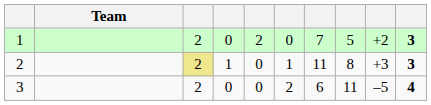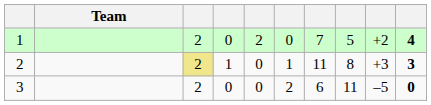 <table class="wikitable" style="text-align: center; font-size: 100%;">
 <tr>
 <th width="25"></th>
 <th width="150">Team</th>
 <th width="25"></th>
 <th width="25"></th>
 <th width="25"></th>
 <th width="25"></th>
 <th width="25"></th>
 <th width="25"></th>
 <th width="25"></th>
 <th width="25"></th>
 </tr>
 <tr style="background-color: #ccffcc;">
 <td>1</td>
 <td align=left></td>
 <td>2</td>
 <td>0</td>
 <td>2</td>
 <td>0</td>
 <td>7</td>
 <td>5</td>
 <td>+2</td>
-<td><strong>3</strong></td>
+<td><strong>4</strong></td>
 </tr>
 <tr>
 <td>2</td>
 <td align=left></td>
 <td style="background: khaki;">2</td>
 <td>1</td>
 <td>0</td>
 <td>1</td>
 <td>11</td>
 <td>8</td>
 <td>+3</td>
 <td><strong>3</strong></td>
 </tr>
 <tr>
 <td>3</td>
 <td align=left></td>
 <td>2</td>
 <td>0</td>
 <td>0</td>
 <td>2</td>
 <td>6</td>
 <td>11</td>
 <td>–5</td>
-<td><strong>4</strong></td>
+<td><strong>0</strong></td>
 </tr>
 </table>
